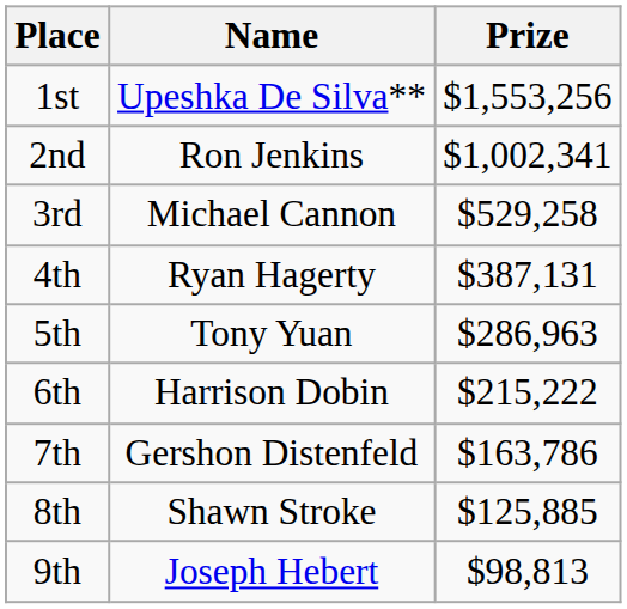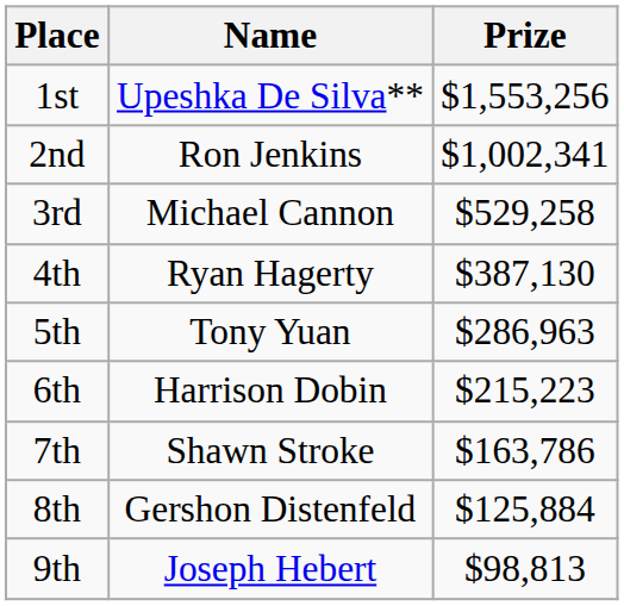 <table class="wikitable" style="display: inline-table;">
 <tr>
 <th>Place</th>
 <th>Name</th>
 <th>Prize</th>
 </tr>
 <tr>
 <td align=center>1st</td>
 <td align=center><a href='#'>Upeshka De Silva</a>**</td>
 <td align=center>$1,553,256</td>
 </tr>
 <tr>
 <td align=center>2nd</td>
 <td align=center>Ron Jenkins</td>
 <td align=center>$1,002,341</td>
 </tr>
 <tr>
 <td align=center>3rd</td>
 <td align=center>Michael Cannon</td>
 <td align=center>$529,258</td>
 </tr>
 <tr>
 <td align=center>4th</td>
 <td align=center>Ryan Hagerty</td>
-<td align=center>$387,131</td>
+<td align=center>$387,130</td>
 </tr>
 <tr>
 <td align=center>5th</td>
 <td align=center>Tony Yuan</td>
 <td align=center>$286,963</td>
 </tr>
 <tr>
 <td align=center>6th</td>
 <td align=center>Harrison Dobin</td>
-<td align=center>$215,222</td>
+<td align=center>$215,223</td>
 </tr>
 <tr>
 <td align=center>7th</td>
-<td align=center>Gershon Distenfeld</td>
+<td align=center>Shawn Stroke</td>
 <td align=center>$163,786</td>
 </tr>
 <tr>
 <td align=center>8th</td>
-<td align=center>Shawn Stroke</td>
-<td align=center>$125,885</td>
+<td align=center>Gershon Distenfeld</td>
+<td align=center>$125,884</td>
 </tr>
 <tr>
 <td align=center>9th</td>
 <td align=center><a href='#'>Joseph Hebert</a></td>
 <td align=center>$98,813</td>
 </tr>
 </table>
